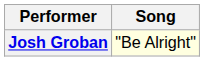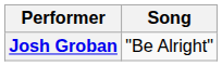 <table class="wikitable unsortable" style="text-align:center; white-space: nowrap;">
 <tr>
 <th scope="col">Performer</th>
 <th scope="col">Song</th>
 </tr>
 <tr>
 <th scope="row"><a href='#'>Josh Groban</a></th>
-<td style="background: lightyellow;">"Be Alright"</td>
+<td>"Be Alright"</td>
 </tr>
 </table>
